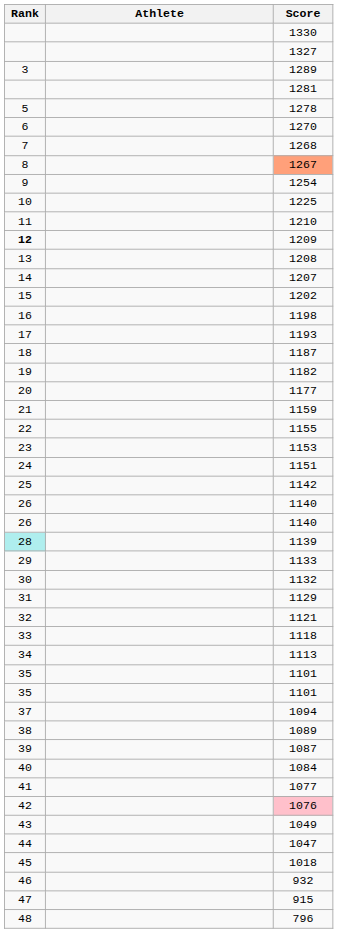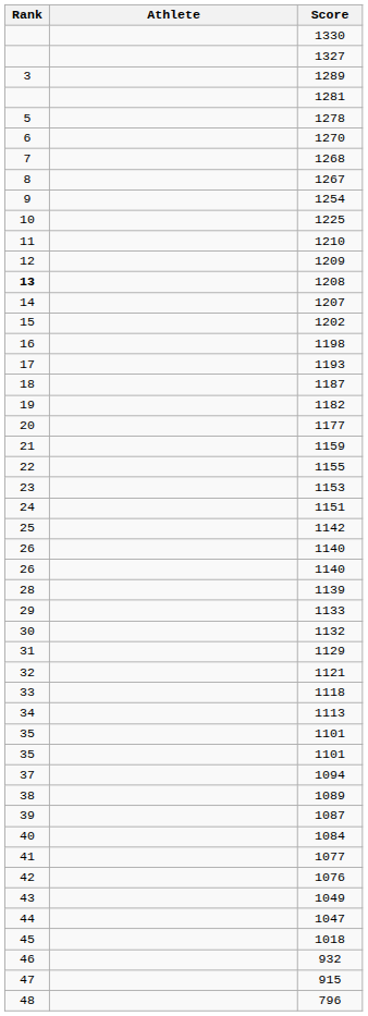 <table class=wikitable style="text-align:center">
 <tr>
 <th width=40>Rank</th>
 <th width=250>Athlete</th>
 <th width=60>Score</th>
 </tr>
 <tr>
 <td></td>
 <td align=left></td>
 <td>1330</td>
 </tr>
 <tr>
 <td></td>
 <td align=left></td>
 <td>1327</td>
 </tr>
 <tr>
 <td>3</td>
 <td align=left></td>
 <td>1289</td>
 </tr>
 <tr>
 <td></td>
 <td align=left></td>
 <td>1281</td>
 </tr>
 <tr>
 <td>5</td>
 <td align=left></td>
 <td>1278</td>
 </tr>
 <tr>
 <td>6</td>
 <td align=left></td>
 <td>1270</td>
 </tr>
 <tr>
 <td>7</td>
 <td align=left></td>
 <td>1268</td>
 </tr>
 <tr>
 <td>8</td>
 <td align=left></td>
-<td style="background: lightsalmon;">1267</td>
+<td>1267</td>
 </tr>
 <tr>
 <td>9</td>
 <td align=left></td>
 <td>1254</td>
 </tr>
 <tr>
 <td>10</td>
 <td align=left></td>
 <td>1225</td>
 </tr>
 <tr>
 <td>11</td>
 <td align=left></td>
 <td>1210</td>
 </tr>
 <tr>
-<td><strong>12</strong></td>
+<td>12</td>
 <td align=left></td>
 <td>1209</td>
 </tr>
 <tr>
-<td>13</td>
+<td><strong>13</strong></td>
 <td align=left></td>
 <td>1208</td>
 </tr>
 <tr>
 <td>14</td>
 <td align=left></td>
 <td>1207</td>
 </tr>
 <tr>
 <td>15</td>
 <td align=left></td>
 <td>1202</td>
 </tr>
 <tr>
 <td>16</td>
 <td align=left></td>
 <td>1198</td>
 </tr>
 <tr>
 <td>17</td>
 <td align=left></td>
 <td>1193</td>
 </tr>
 <tr>
 <td>18</td>
 <td align=left></td>
 <td>1187</td>
 </tr>
 <tr>
 <td>19</td>
 <td align=left></td>
 <td>1182</td>
 </tr>
 <tr>
 <td>20</td>
 <td align=left></td>
 <td>1177</td>
 </tr>
 <tr>
 <td>21</td>
 <td align=left></td>
 <td>1159</td>
 </tr>
 <tr>
 <td>22</td>
 <td align=left></td>
 <td>1155</td>
 </tr>
 <tr>
 <td>23</td>
 <td align=left></td>
 <td>1153</td>
 </tr>
 <tr>
 <td>24</td>
 <td align=left></td>
 <td>1151</td>
 </tr>
 <tr>
 <td>25</td>
 <td align=left></td>
 <td>1142</td>
 </tr>
 <tr>
 <td>26</td>
 <td align=left></td>
 <td>1140</td>
 </tr>
 <tr>
 <td>26</td>
 <td align=left></td>
 <td>1140</td>
 </tr>
 <tr>
-<td style="background: paleturquoise;">28</td>
+<td>28</td>
 <td align=left></td>
 <td>1139</td>
 </tr>
 <tr>
 <td>29</td>
 <td align=left></td>
 <td>1133</td>
 </tr>
 <tr>
 <td>30</td>
 <td align=left></td>
 <td>1132</td>
 </tr>
 <tr>
 <td>31</td>
 <td align=left></td>
 <td>1129</td>
 </tr>
 <tr>
 <td>32</td>
 <td align=left></td>
 <td>1121</td>
 </tr>
 <tr>
 <td>33</td>
 <td align=left></td>
 <td>1118</td>
 </tr>
 <tr>
 <td>34</td>
 <td align=left></td>
 <td>1113</td>
 </tr>
 <tr>
 <td>35</td>
 <td align=left></td>
 <td>1101</td>
 </tr>
 <tr>
 <td>35</td>
 <td align=left></td>
 <td>1101</td>
 </tr>
 <tr>
 <td>37</td>
 <td align=left></td>
 <td>1094</td>
 </tr>
 <tr>
 <td>38</td>
 <td align=left></td>
 <td>1089</td>
 </tr>
 <tr>
 <td>39</td>
 <td align=left></td>
 <td>1087</td>
 </tr>
 <tr>
 <td>40</td>
 <td align=left></td>
 <td>1084</td>
 </tr>
 <tr>
 <td>41</td>
 <td align=left></td>
 <td>1077</td>
 </tr>
 <tr>
 <td>42</td>
 <td align=left></td>
-<td style="background: pink;">1076</td>
+<td>1076</td>
 </tr>
 <tr>
 <td>43</td>
 <td align=left></td>
 <td>1049</td>
 </tr>
 <tr>
 <td>44</td>
 <td align=left></td>
 <td>1047</td>
 </tr>
 <tr>
 <td>45</td>
 <td align=left></td>
 <td>1018</td>
 </tr>
 <tr>
 <td>46</td>
 <td align=left></td>
 <td>932</td>
 </tr>
 <tr>
 <td>47</td>
 <td align=left></td>
 <td>915</td>
 </tr>
 <tr>
 <td>48</td>
 <td align=left></td>
 <td>796</td>
 </tr>
 </table>
